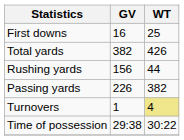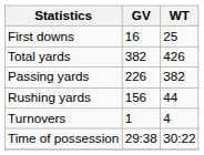 <table class="wikitable" style="float: left;">
 <tr>
 <th>Statistics</th>
 <th>GV</th>
 <th>WT</th>
 </tr>
 <tr>
 <td>First downs</td>
 <td>16</td>
 <td>25</td>
 </tr>
 <tr>
 <td>Total yards</td>
 <td>382</td>
 <td>426</td>
 </tr>
 <tr>
+<td>Passing yards</td>
+<td>226</td>
+<td>382</td>
+</tr>
+<tr>
 <td>Rushing yards</td>
 <td>156</td>
 <td>44</td>
 </tr>
 <tr>
-<td>Passing yards</td>
-<td>226</td>
-<td>382</td>
-</tr>
-<tr>
 <td>Turnovers</td>
 <td>1</td>
-<td style="background: khaki;">4</td>
+<td>4</td>
 </tr>
 <tr>
 <td>Time of possession</td>
 <td>29:38</td>
 <td>30:22</td>
 </tr>
 <tr>
 </tr>
 </table>
